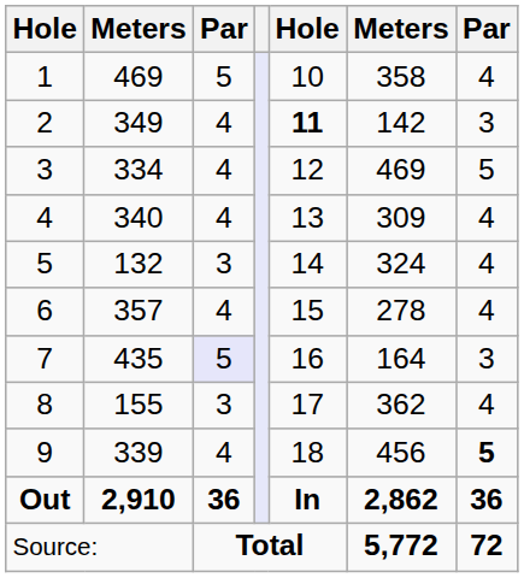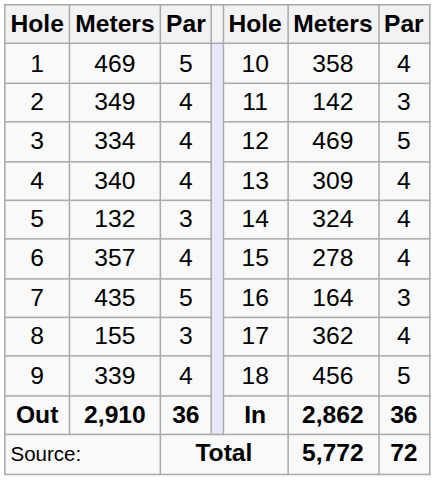 <table class="wikitable" style="text-align:center; font-size:100%;">
 <tr>
 <th>Hole</th>
 <th>Meters</th>
 <th>Par</th>
 <th></th>
 <th>Hole</th>
 <th>Meters</th>
 <th>Par</th>
 </tr>
 <tr>
 <td>1</td>
 <td>469</td>
 <td>5</td>
 <td rowspan="10" style="background:#E6E8FA;"></td>
 <td>10</td>
 <td>358</td>
 <td>4</td>
 </tr>
 <tr>
 <td>2</td>
 <td>349</td>
 <td>4</td>
-<td><strong>11</strong></td>
+<td>11</td>
 <td>142</td>
 <td>3</td>
 </tr>
 <tr>
 <td>3</td>
 <td>334</td>
 <td>4</td>
 <td>12</td>
 <td>469</td>
 <td>5</td>
 </tr>
 <tr>
 <td>4</td>
 <td>340</td>
 <td>4</td>
 <td>13</td>
 <td>309</td>
 <td>4</td>
 </tr>
 <tr>
 <td>5</td>
 <td>132</td>
 <td>3</td>
 <td>14</td>
 <td>324</td>
 <td>4</td>
 </tr>
 <tr>
 <td>6</td>
 <td>357</td>
 <td>4</td>
 <td>15</td>
 <td>278</td>
 <td>4</td>
 </tr>
 <tr>
 <td>7</td>
 <td>435</td>
-<td style="background: lavender;">5</td>
+<td>5</td>
 <td>16</td>
 <td>164</td>
 <td>3</td>
 </tr>
 <tr>
 <td>8</td>
 <td>155</td>
 <td>3</td>
 <td>17</td>
 <td>362</td>
 <td>4</td>
 </tr>
 <tr>
 <td>9</td>
 <td>339</td>
 <td>4</td>
 <td>18</td>
 <td>456</td>
-<td><strong>5</strong></td>
+<td>5</td>
 </tr>
 <tr>
 <td><strong>Out</strong></td>
 <td><strong>2,910</strong></td>
 <td><strong>36</strong></td>
 <td><strong>In</strong></td>
 <td><strong>2,862</strong></td>
 <td><strong>36</strong></td>
 </tr>
 <tr>
 <td colspan="2" align="left"><small>Source:</small></td>
 <td colspan="3"><strong>Total</strong></td>
 <td><strong>5,772</strong></td>
 <td><strong>72</strong></td>
 </tr>
 </table>
